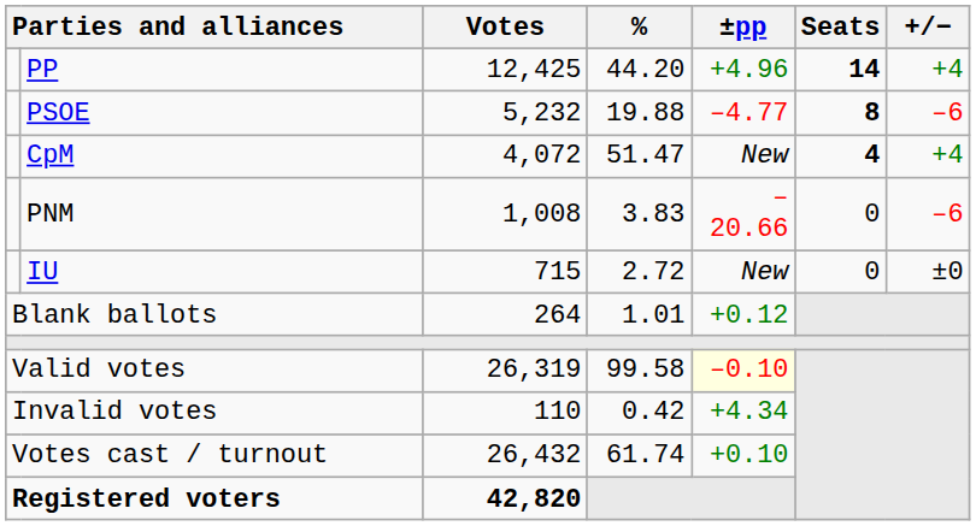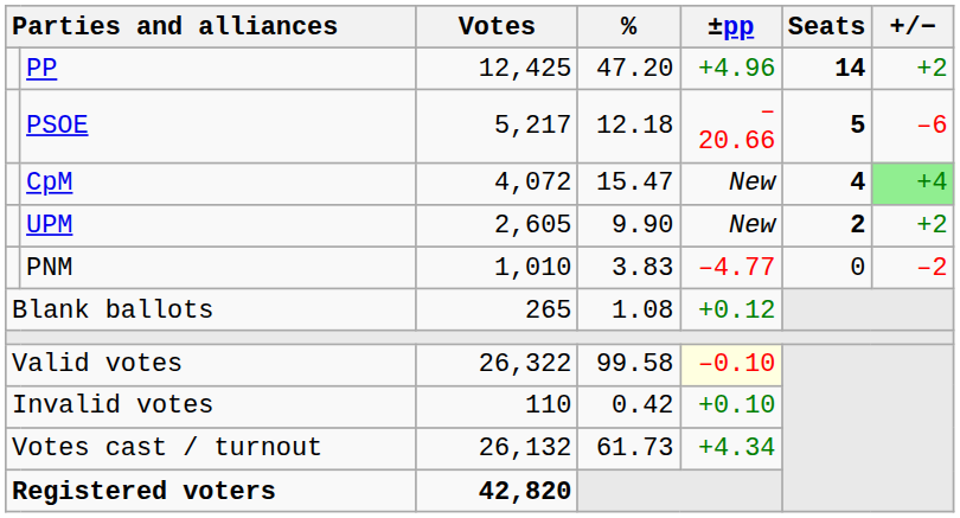 <table class="wikitable" style="text-align:right;">
 <tr>
 <th style="text-align:left;" colspan="2" width="200">Parties and alliances</th>
 <th width="75">Votes</th>
 <th width="45">%</th>
 <th width="45">±<a href='#'>pp</a></th>
 <th width="35">Seats</th>
 <th width="35">+/−</th>
 </tr>
 <tr>
 <td width="1" style="color:inherit;background:"></td>
 <td align="left"><a href='#'>PP</a></td>
 <td>12,425</td>
-<td>44.20</td>
+<td>47.20</td>
 <td style="color:green;">+4.96</td>
 <td><strong>14</strong></td>
-<td style="color:green;">+4</td>
+<td style="color:green;">+2</td>
 </tr>
 <tr>
 <td style="color:inherit;background:"></td>
 <td align="left"><a href='#'>PSOE</a></td>
-<td>5,232</td>
-<td>19.88</td>
-<td style="color:red;">–4.77</td>
-<td><strong>8</strong></td>
+<td>5,217</td>
+<td>12.18</td>
+<td style="color:red;">–20.66</td>
+<td><strong>5</strong></td>
 <td style="color:red;">–6</td>
 </tr>
 <tr>
 <td style="color:inherit;background:"></td>
 <td align="left"><a href='#'>CpM</a></td>
 <td>4,072</td>
-<td>51.47</td>
+<td>15.47</td>
 <td><em>New</em></td>
 <td><strong>4</strong></td>
-<td style="color:green;">+4</td>
+<td style="background: lightgreen; color:green;">+4</td>
+</tr>
+<tr>
+<td style="color:inherit;background:"></td>
+<td align="left"><a href='#'>UPM</a></td>
+<td>2,605</td>
+<td>9.90</td>
+<td><em>New</em></td>
+<td><strong>2</strong></td>
+<td style="color:green;">+2</td>
 </tr>
 <tr>
 <td style="color:inherit;background:"></td>
 <td align="left">PNM</td>
-<td>1,008</td>
+<td>1,010</td>
 <td>3.83</td>
-<td style="color:red;">–20.66</td>
+<td style="color:red;">–4.77</td>
 <td>0</td>
-<td style="color:red;">–6</td>
-</tr>
-<tr>
-<td style="color:inherit;background:"></td>
-<td align="left"><a href='#'>IU</a></td>
-<td>715</td>
-<td>2.72</td>
-<td><em>New</em></td>
-<td>0</td>
-<td>±0</td>
+<td style="color:red;">–2</td>
 </tr>
 <tr>
 <td align="left" colspan="2">Blank ballots</td>
-<td>264</td>
-<td>1.01</td>
+<td>265</td>
+<td>1.08</td>
 <td style="color:green;">+0.12</td>
 <td bgcolor="#E9E9E9" colspan="2"></td>
 </tr>
 <tr>
 <td colspan="7" bgcolor="#E9E9E9"></td>
 </tr>
 <tr>
 <td align="left" colspan="2">Valid votes</td>
-<td>26,319</td>
+<td>26,322</td>
 <td>99.58</td>
 <td style="background: lightyellow; color:red;">–0.10</td>
 <td bgcolor="#E9E9E9" colspan="2" rowspan="4"></td>
 </tr>
 <tr>
 <td align="left" colspan="2">Invalid votes</td>
 <td>110</td>
 <td>0.42</td>
-<td style="color:green;">+4.34</td>
+<td style="color:green;">+0.10</td>
 </tr>
 <tr>
 <td align="left" colspan="2">Votes cast / turnout</td>
-<td>26,432</td>
-<td>61.74</td>
-<td style="color:green;">+0.10</td>
+<td>26,132</td>
+<td>61.73</td>
+<td style="color:green;">+4.34</td>
 </tr>
 <tr style="font-weight:bold;">
 <td align="left" colspan="2">Registered voters</td>
 <td>42,820</td>
 <td bgcolor="#E9E9E9" colspan="2"></td>
 </tr>
 </table>
